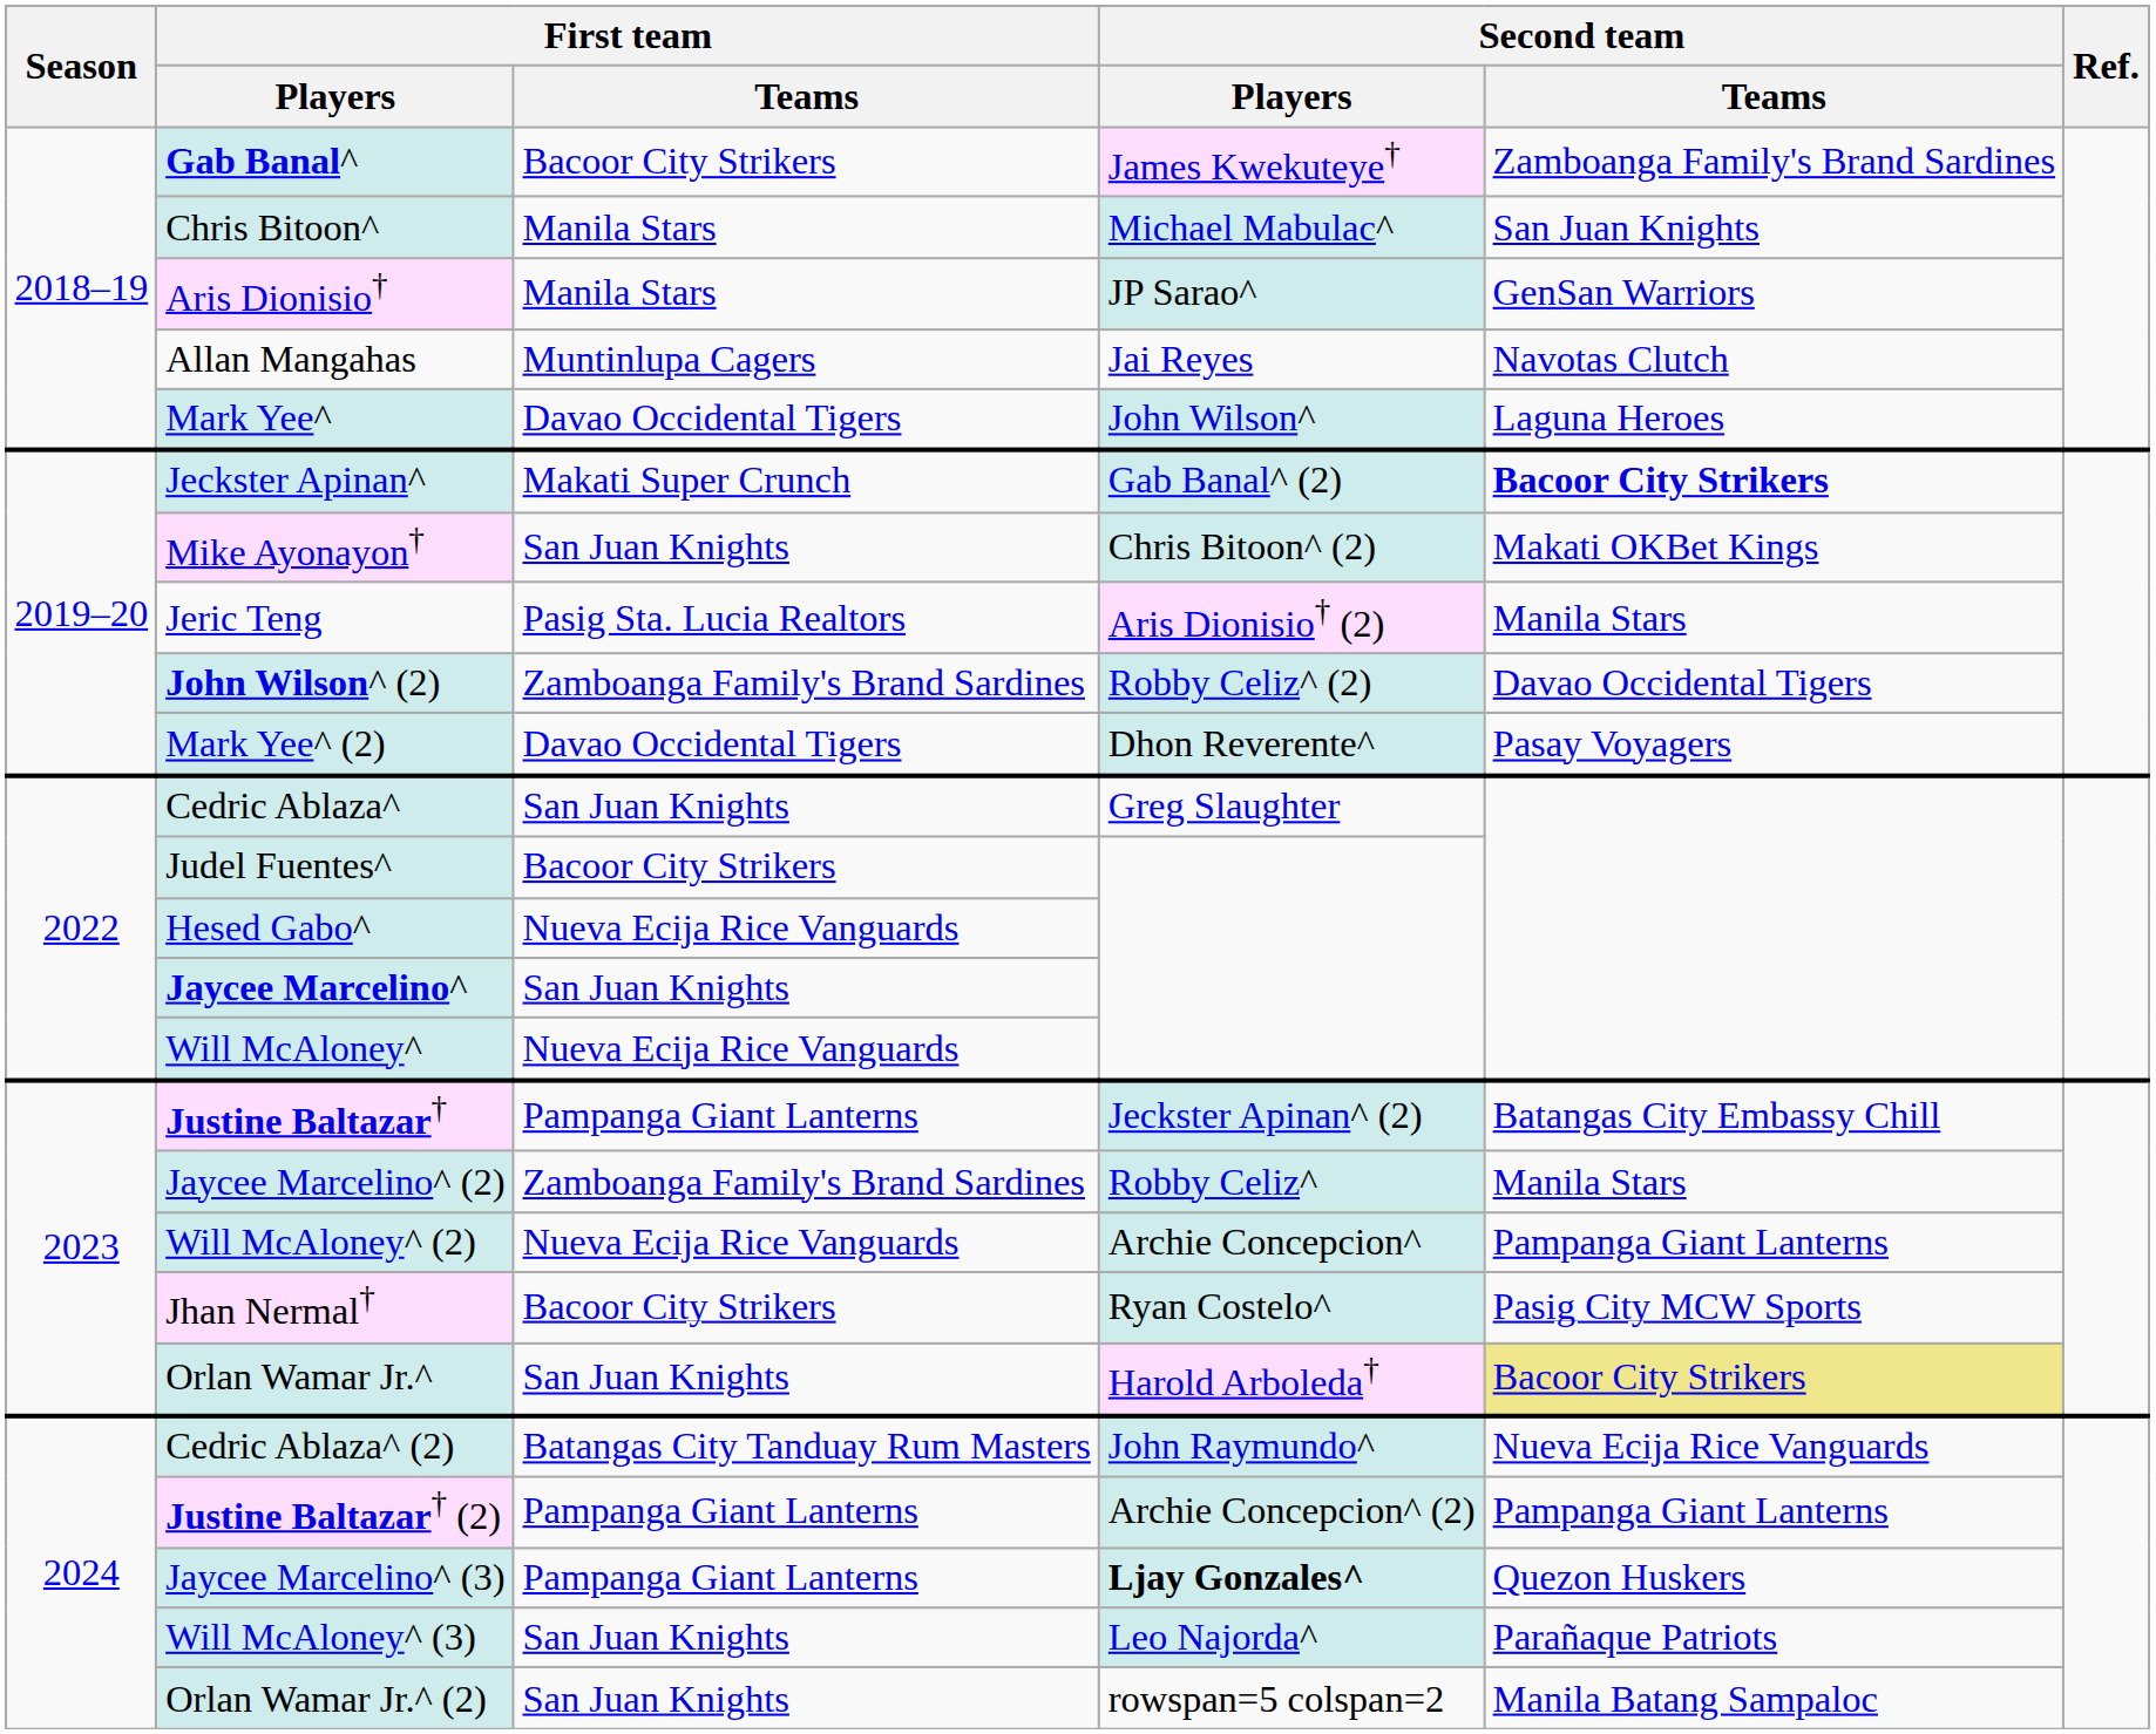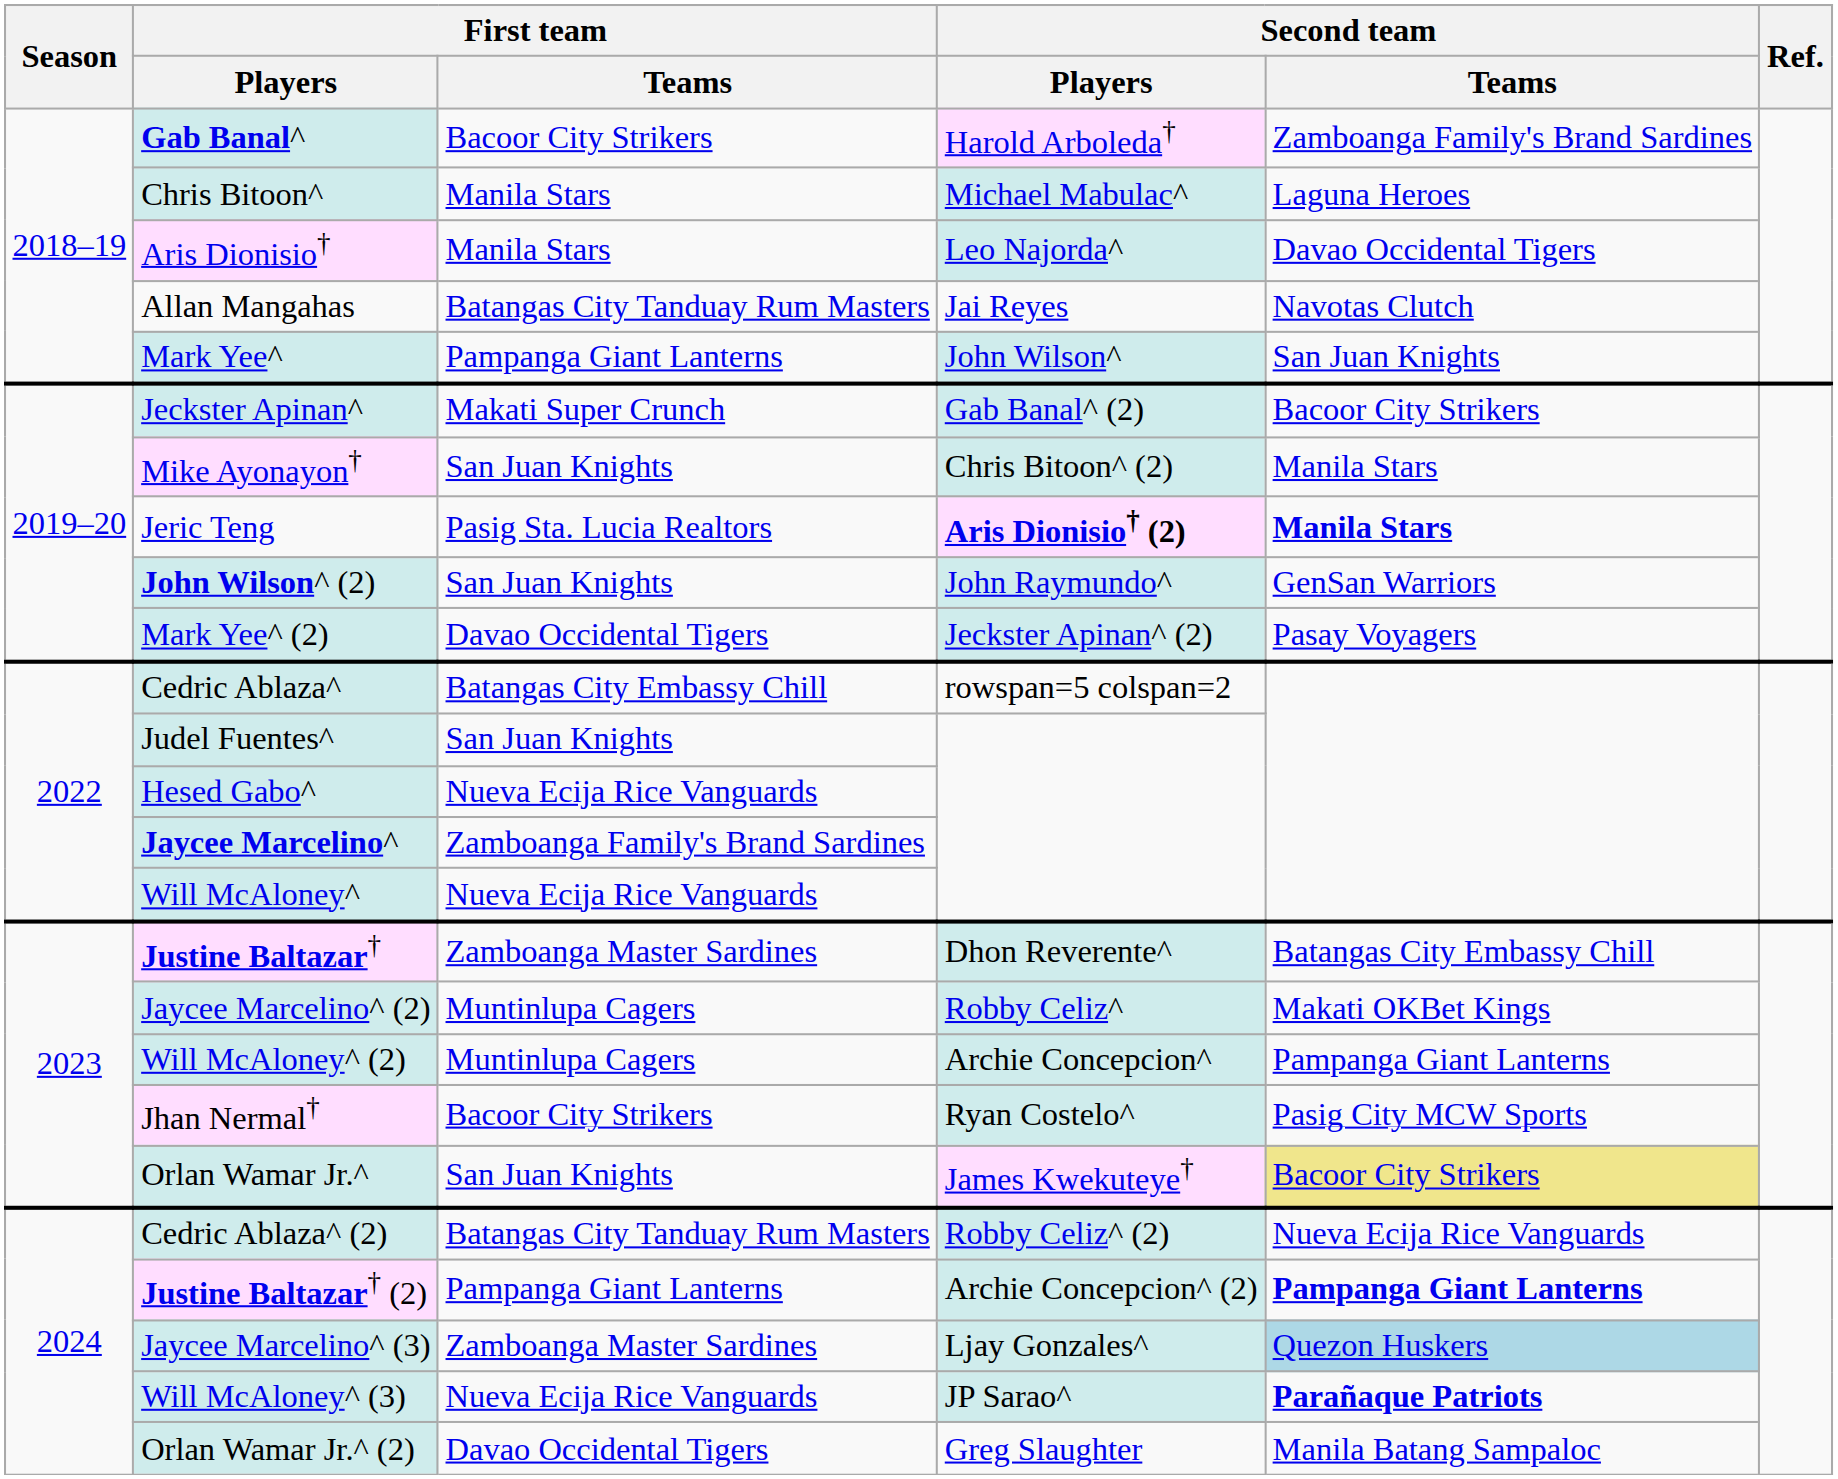 <table class="wikitable sortable">
 <tr>
 <th rowspan=2>Season</th>
 <th colspan=2 class="unsortable">First team</th>
 <th colspan=2 class="unsortable">Second team</th>
 <th rowspan=2 class="unsortable">Ref.</th>
 </tr>
 <tr>
 <th class="unsortable">Players</th>
 <th class="unsortable">Teams</th>
 <th class="unsortable">Players</th>
 <th class="unsortable">Teams<br></th>
 </tr>
 <tr>
 <td rowspan=5 align=center><a href='#'>2018–19</a></td>
 <td bgcolor="#CFECEC"><strong><a href='#'>Gab Banal</a></strong>^</td>
 <td><a href='#'>Bacoor City Strikers</a></td>
-<td bgcolor="#FFDDFF"><a href='#'>James Kwekuteye</a><sup>†</sup></td>
+<td bgcolor="#FFDDFF"><a href='#'>Harold Arboleda</a><sup>†</sup></td>
 <td><a href='#'>Zamboanga Family's Brand Sardines</a></td>
 <td rowspan=5 align=center></td>
 </tr>
 <tr>
 <td bgcolor="#CFECEC">Chris Bitoon^</td>
 <td><a href='#'>Manila Stars</a></td>
 <td bgcolor="#CFECEC"><a href='#'>Michael Mabulac</a>^</td>
-<td><a href='#'>San Juan Knights</a><br></td>
+<td><a href='#'>Laguna Heroes</a></td>
 </tr>
 <tr>
 <td bgcolor="#FFDDFF"><a href='#'>Aris Dionisio</a><sup>†</sup></td>
 <td><a href='#'>Manila Stars</a></td>
-<td bgcolor="#CFECEC">JP Sarao^</td>
-<td><a href='#'>GenSan Warriors</a></td>
+<td bgcolor="#CFECEC"><a href='#'>Leo Najorda</a>^</td>
+<td><a href='#'>Davao Occidental Tigers</a></td>
 </tr>
 <tr>
 <td>Allan Mangahas</td>
-<td><a href='#'>Muntinlupa Cagers</a></td>
+<td><a href='#'>Batangas City Tanduay Rum Masters</a></td>
 <td><a href='#'>Jai Reyes</a></td>
 <td><a href='#'>Navotas Clutch</a></td>
 </tr>
 <tr>
 <td bgcolor="#CFECEC"><a href='#'>Mark Yee</a>^</td>
-<td><a href='#'>Davao Occidental Tigers</a></td>
+<td><a href='#'>Pampanga Giant Lanterns</a></td>
 <td bgcolor="#CFECEC"><a href='#'>John Wilson</a>^</td>
-<td><a href='#'>Laguna Heroes</a></td>
+<td><a href='#'>San Juan Knights</a><br></td>
 </tr>
 <tr style="border-top:2px solid black">
 <td rowspan=5 align=center><a href='#'>2019–20</a></td>
 <td bgcolor="#CFECEC"><a href='#'>Jeckster Apinan</a>^</td>
 <td><a href='#'>Makati Super Crunch</a></td>
 <td bgcolor="#CFECEC"><a href='#'>Gab Banal</a>^ (2)</td>
-<td><strong><a href='#'>Bacoor City Strikers</a></strong></td>
+<td><a href='#'>Bacoor City Strikers</a></td>
 <td rowspan=5 align=center></td>
 </tr>
 <tr>
 <td bgcolor="#FFDDFF"><a href='#'>Mike Ayonayon</a><sup>†</sup></td>
 <td><a href='#'>San Juan Knights</a></td>
 <td bgcolor="#CFECEC">Chris Bitoon^ (2)</td>
-<td><a href='#'>Makati OKBet Kings</a></td>
+<td><a href='#'>Manila Stars</a></td>
 </tr>
 <tr>
 <td><a href='#'>Jeric Teng</a></td>
 <td><a href='#'>Pasig Sta. Lucia Realtors</a></td>
-<td bgcolor="#FFDDFF"><a href='#'>Aris Dionisio</a><sup>†</sup> (2)</td>
-<td><a href='#'>Manila Stars</a></td>
+<td bgcolor="#FFDDFF"><strong><a href='#'>Aris Dionisio</a><sup>†</sup> (2)</strong></td>
+<td><strong><a href='#'>Manila Stars</a></strong></td>
 </tr>
 <tr>
 <td bgcolor="#CFECEC"><strong><a href='#'>John Wilson</a></strong>^ (2)</td>
-<td><a href='#'>Zamboanga Family's Brand Sardines</a></td>
-<td bgcolor="#CFECEC"><a href='#'>Robby Celiz</a>^ (2)</td>
-<td><a href='#'>Davao Occidental Tigers</a></td>
+<td><a href='#'>San Juan Knights</a></td>
+<td bgcolor="#CFECEC"><a href='#'>John Raymundo</a>^</td>
+<td><a href='#'>GenSan Warriors</a></td>
 </tr>
 <tr>
 <td bgcolor="#CFECEC"><a href='#'>Mark Yee</a>^ (2)</td>
 <td><a href='#'>Davao Occidental Tigers</a></td>
-<td bgcolor="#CFECEC">Dhon Reverente^</td>
+<td bgcolor="#CFECEC"><a href='#'>Jeckster Apinan</a>^ (2)</td>
 <td><a href='#'>Pasay Voyagers</a><br></td>
 </tr>
 <tr style="border-top:2px solid black">
 <td rowspan=5 align=center><a href='#'>2022</a></td>
 <td bgcolor="#CFECEC">Cedric Ablaza^</td>
-<td><a href='#'>San Juan Knights</a></td>
-<td><a href='#'>Greg Slaughter</a></td>
+<td><a href='#'>Batangas City Embassy Chill</a></td>
+<td>rowspan=5 colspan=2 </td>
 <td rowspan=5 align=center></td>
 </tr>
 <tr>
 <td bgcolor="#CFECEC">Judel Fuentes^</td>
-<td><a href='#'>Bacoor City Strikers</a></td>
+<td><a href='#'>San Juan Knights</a></td>
 </tr>
 <tr>
 <td bgcolor="#CFECEC"><a href='#'>Hesed Gabo</a>^</td>
 <td><a href='#'>Nueva Ecija Rice Vanguards</a></td>
 </tr>
 <tr>
 <td bgcolor="#CFECEC"><strong><a href='#'>Jaycee Marcelino</a></strong>^</td>
-<td><a href='#'>San Juan Knights</a></td>
+<td><a href='#'>Zamboanga Family's Brand Sardines</a></td>
 </tr>
 <tr>
 <td bgcolor="#CFECEC"><a href='#'>Will McAloney</a>^</td>
 <td><a href='#'>Nueva Ecija Rice Vanguards</a><br></td>
 </tr>
 <tr style="border-top:2px solid black">
 <td rowspan=5 align=center><a href='#'>2023</a></td>
 <td bgcolor="#FFDDFF"><strong><a href='#'>Justine Baltazar</a></strong><sup>†</sup></td>
-<td><a href='#'>Pampanga Giant Lanterns</a></td>
-<td bgcolor="#CFECEC"><a href='#'>Jeckster Apinan</a>^ (2)</td>
+<td><a href='#'>Zamboanga Master Sardines</a></td>
+<td bgcolor="#CFECEC">Dhon Reverente^</td>
 <td><a href='#'>Batangas City Embassy Chill</a></td>
 <td rowspan=5 align=center></td>
 </tr>
 <tr>
 <td bgcolor="#CFECEC"><a href='#'>Jaycee Marcelino</a>^ (2)</td>
-<td><a href='#'>Zamboanga Family's Brand Sardines</a></td>
+<td><a href='#'>Muntinlupa Cagers</a></td>
 <td bgcolor="#CFECEC"><a href='#'>Robby Celiz</a>^</td>
-<td><a href='#'>Manila Stars</a></td>
+<td><a href='#'>Makati OKBet Kings</a></td>
 </tr>
 <tr>
 <td bgcolor="#CFECEC"><a href='#'>Will McAloney</a>^ (2)</td>
-<td><a href='#'>Nueva Ecija Rice Vanguards</a></td>
+<td><a href='#'>Muntinlupa Cagers</a></td>
 <td bgcolor="#CFECEC">Archie Concepcion^</td>
 <td><a href='#'>Pampanga Giant Lanterns</a></td>
 </tr>
 <tr>
 <td bgcolor="#FFDDFF">Jhan Nermal<sup>†</sup></td>
 <td><a href='#'>Bacoor City Strikers</a></td>
 <td bgcolor="#CFECEC">Ryan Costelo^</td>
 <td><a href='#'>Pasig City MCW Sports</a></td>
 </tr>
 <tr>
 <td bgcolor="#CFECEC">Orlan Wamar Jr.^</td>
 <td><a href='#'>San Juan Knights</a></td>
-<td bgcolor="#FFDDFF"><a href='#'>Harold Arboleda</a><sup>†</sup></td>
+<td bgcolor="#FFDDFF"><a href='#'>James Kwekuteye</a><sup>†</sup></td>
 <td style="background: khaki;"><a href='#'>Bacoor City Strikers</a><br></td>
 </tr>
 <tr style="border-top:2px solid black">
 <td rowspan=5 align=center><a href='#'>2024</a></td>
 <td bgcolor="#CFECEC">Cedric Ablaza^ (2)</td>
 <td><a href='#'>Batangas City Tanduay Rum Masters</a></td>
-<td bgcolor="#CFECEC"><a href='#'>John Raymundo</a>^</td>
+<td bgcolor="#CFECEC"><a href='#'>Robby Celiz</a>^ (2)</td>
 <td><a href='#'>Nueva Ecija Rice Vanguards</a></td>
 <td rowspan=5 align=center></td>
 </tr>
 <tr>
 <td bgcolor="#FFDDFF"><strong><a href='#'>Justine Baltazar</a></strong><sup>†</sup> (2)</td>
 <td><a href='#'>Pampanga Giant Lanterns</a></td>
 <td bgcolor="#CFECEC">Archie Concepcion^ (2)</td>
-<td><a href='#'>Pampanga Giant Lanterns</a></td>
+<td><strong><a href='#'>Pampanga Giant Lanterns</a></strong></td>
 </tr>
 <tr>
 <td bgcolor="#CFECEC"><a href='#'>Jaycee Marcelino</a>^ (3)</td>
-<td><a href='#'>Pampanga Giant Lanterns</a></td>
-<td bgcolor="#CFECEC"><strong>Ljay Gonzales^</strong></td>
-<td><a href='#'>Quezon Huskers</a></td>
+<td><a href='#'>Zamboanga Master Sardines</a></td>
+<td bgcolor="#CFECEC">Ljay Gonzales^</td>
+<td style="background: lightblue;"><a href='#'>Quezon Huskers</a></td>
 </tr>
 <tr>
 <td bgcolor="#CFECEC"><a href='#'>Will McAloney</a>^ (3)</td>
-<td><a href='#'>San Juan Knights</a></td>
-<td bgcolor="#CFECEC"><a href='#'>Leo Najorda</a>^</td>
-<td><a href='#'>Parañaque Patriots</a></td>
+<td><a href='#'>Nueva Ecija Rice Vanguards</a></td>
+<td bgcolor="#CFECEC">JP Sarao^</td>
+<td><strong><a href='#'>Parañaque Patriots</a></strong></td>
 </tr>
 <tr>
 <td bgcolor="#CFECEC">Orlan Wamar Jr.^ (2)</td>
-<td><a href='#'>San Juan Knights</a></td>
-<td>rowspan=5 colspan=2 </td>
+<td><a href='#'>Davao Occidental Tigers</a></td>
+<td><a href='#'>Greg Slaughter</a></td>
 <td><a href='#'>Manila Batang Sampaloc</a></td>
 </tr>
 </table>
